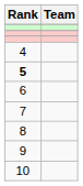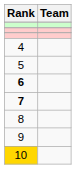 <table class="wikitable" border="1">
 <tr>
 <th>Rank</th>
 <th>Team</th>
 </tr>
 <tr>
 </tr>
 <tr bgcolor=#ccffcc>
 <td align=center></td>
 <td></td>
 </tr>
 <tr>
 </tr>
 <tr bgcolor=#ffcccc>
 <td align=center></td>
 <td></td>
 </tr>
 <tr>
 </tr>
 <tr bgcolor=#ffcccc>
 <td align=center></td>
 <td></td>
 </tr>
 <tr>
 <td align=center>4</td>
 <td></td>
 </tr>
 <tr>
-<td align=center><strong>5</strong></td>
+<td align=center>5</td>
 <td></td>
 </tr>
 <tr>
-<td align=center>6</td>
+<td align=center><strong>6</strong></td>
 <td></td>
 </tr>
 <tr>
-<td align=center>7</td>
+<td align=center><strong>7</strong></td>
 <td></td>
 </tr>
 <tr>
 <td align=center>8</td>
 <td></td>
 </tr>
 <tr>
 <td align=center>9</td>
 <td></td>
 </tr>
 <tr>
-<td align=center>10</td>
+<td align=center style="background: gold;">10</td>
 <td></td>
 </tr>
 </table>
